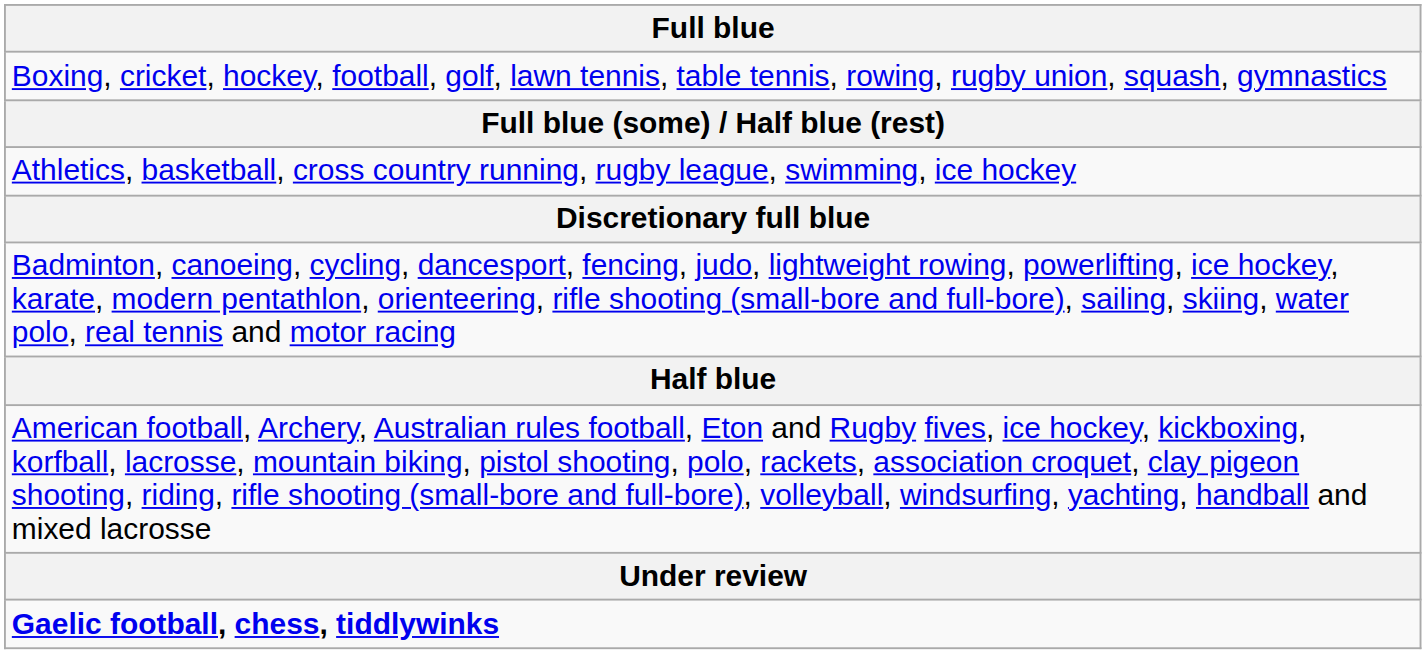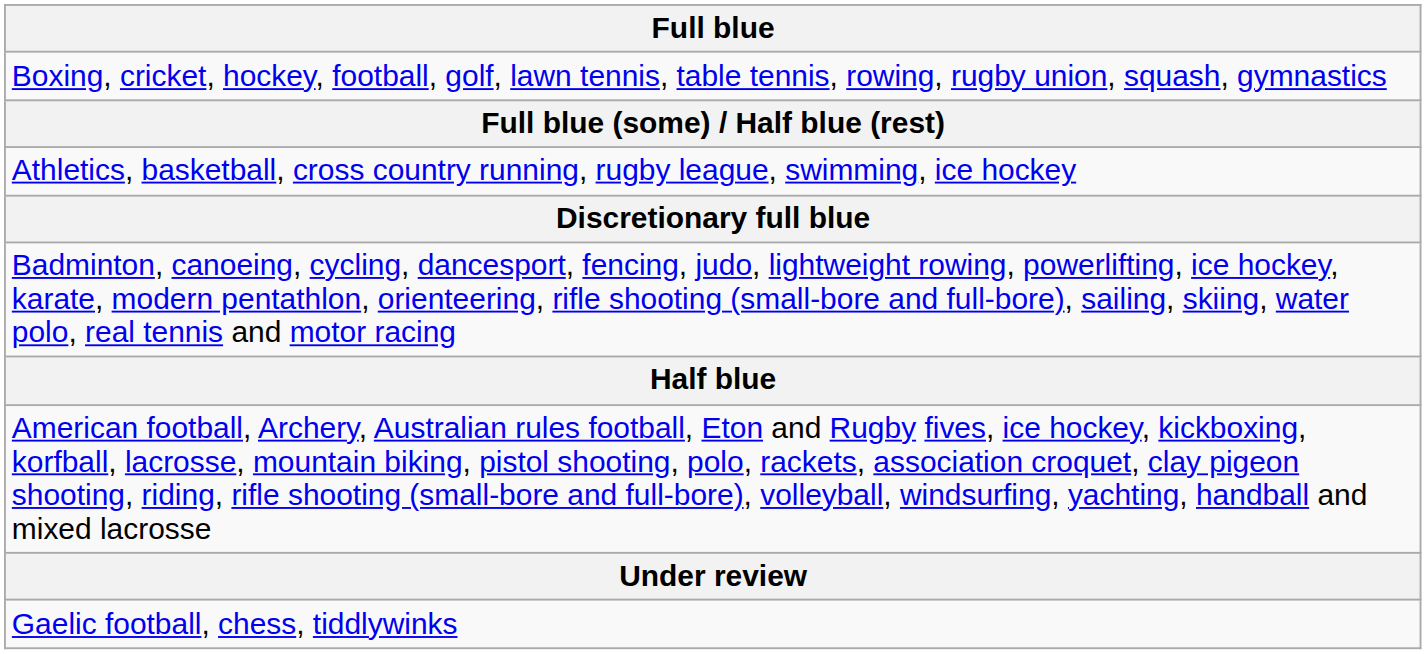 <table border="1" cellspacing="0" cellpadding="4" width="60%" class="wikitable">
 <tr>
 <th>Full blue</th>
 </tr>
 <tr>
 <td><a href='#'>Boxing</a>, <a href='#'>cricket</a>, <a href='#'>hockey</a>, <a href='#'>football</a>, <a href='#'>golf</a>, <a href='#'>lawn tennis</a>, <a href='#'>table tennis</a>, <a href='#'>rowing</a>, <a href='#'>rugby union</a>, <a href='#'>squash</a>, <a href='#'>gymnastics</a></td>
 </tr>
 <tr>
 <th>Full blue (some) / Half blue (rest)</th>
 </tr>
 <tr>
 <td><a href='#'>Athletics</a>, <a href='#'>basketball</a>, <a href='#'>cross country running</a>, <a href='#'>rugby league</a>, <a href='#'>swimming</a>, <a href='#'>ice hockey</a></td>
 </tr>
 <tr>
 <th>Discretionary full blue</th>
 </tr>
 <tr>
 <td><a href='#'>Badminton</a>, <a href='#'>canoeing</a>, <a href='#'>cycling</a>, <a href='#'>dancesport</a>, <a href='#'>fencing</a>, <a href='#'>judo</a>, <a href='#'>lightweight rowing</a>, <a href='#'>powerlifting</a>, <a href='#'>ice hockey</a>, <a href='#'>karate</a>, <a href='#'>modern pentathlon</a>, <a href='#'>orienteering</a>, <a href='#'>rifle shooting (small-bore and full-bore)</a>, <a href='#'>sailing</a>, <a href='#'>skiing</a>, <a href='#'>water polo</a>, <a href='#'>real tennis</a> and <a href='#'>motor racing</a></td>
 </tr>
 <tr>
 <th>Half blue</th>
 </tr>
 <tr>
 <td><a href='#'>American football</a>, <a href='#'>Archery</a>, <a href='#'>Australian rules football</a>, <a href='#'>Eton</a> and <a href='#'>Rugby</a> <a href='#'>fives</a>, <a href='#'>ice hockey</a>, <a href='#'>kickboxing</a>, <a href='#'>korfball</a>, <a href='#'>lacrosse</a>, <a href='#'>mountain biking</a>, <a href='#'>pistol shooting</a>, <a href='#'>polo</a>, <a href='#'>rackets</a>, <a href='#'>association croquet</a>, <a href='#'>clay pigeon shooting</a>, <a href='#'>riding</a>, <a href='#'>rifle shooting (small-bore and full-bore)</a>, <a href='#'>volleyball</a>, <a href='#'>windsurfing</a>, <a href='#'>yachting</a>, <a href='#'>handball</a> and mixed lacrosse</td>
 </tr>
 <tr>
 <th>Under review</th>
 </tr>
 <tr>
-<td><strong><a href='#'>Gaelic football</a>, <a href='#'>chess</a>, <a href='#'>tiddlywinks</a></strong></td>
+<td><a href='#'>Gaelic football</a>, <a href='#'>chess</a>, <a href='#'>tiddlywinks</a></td>
 </tr>
 </table>
